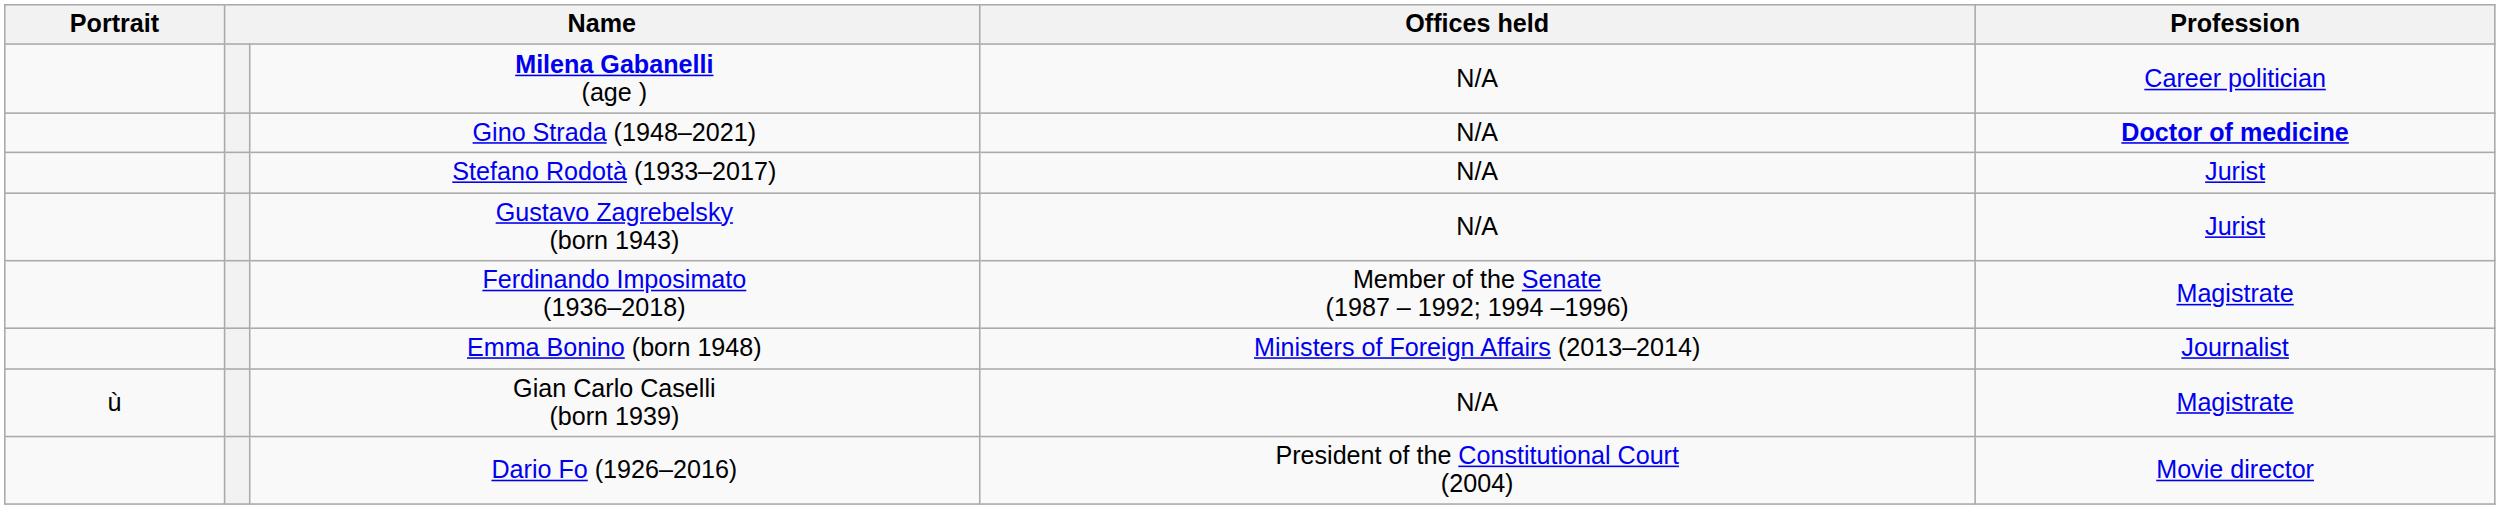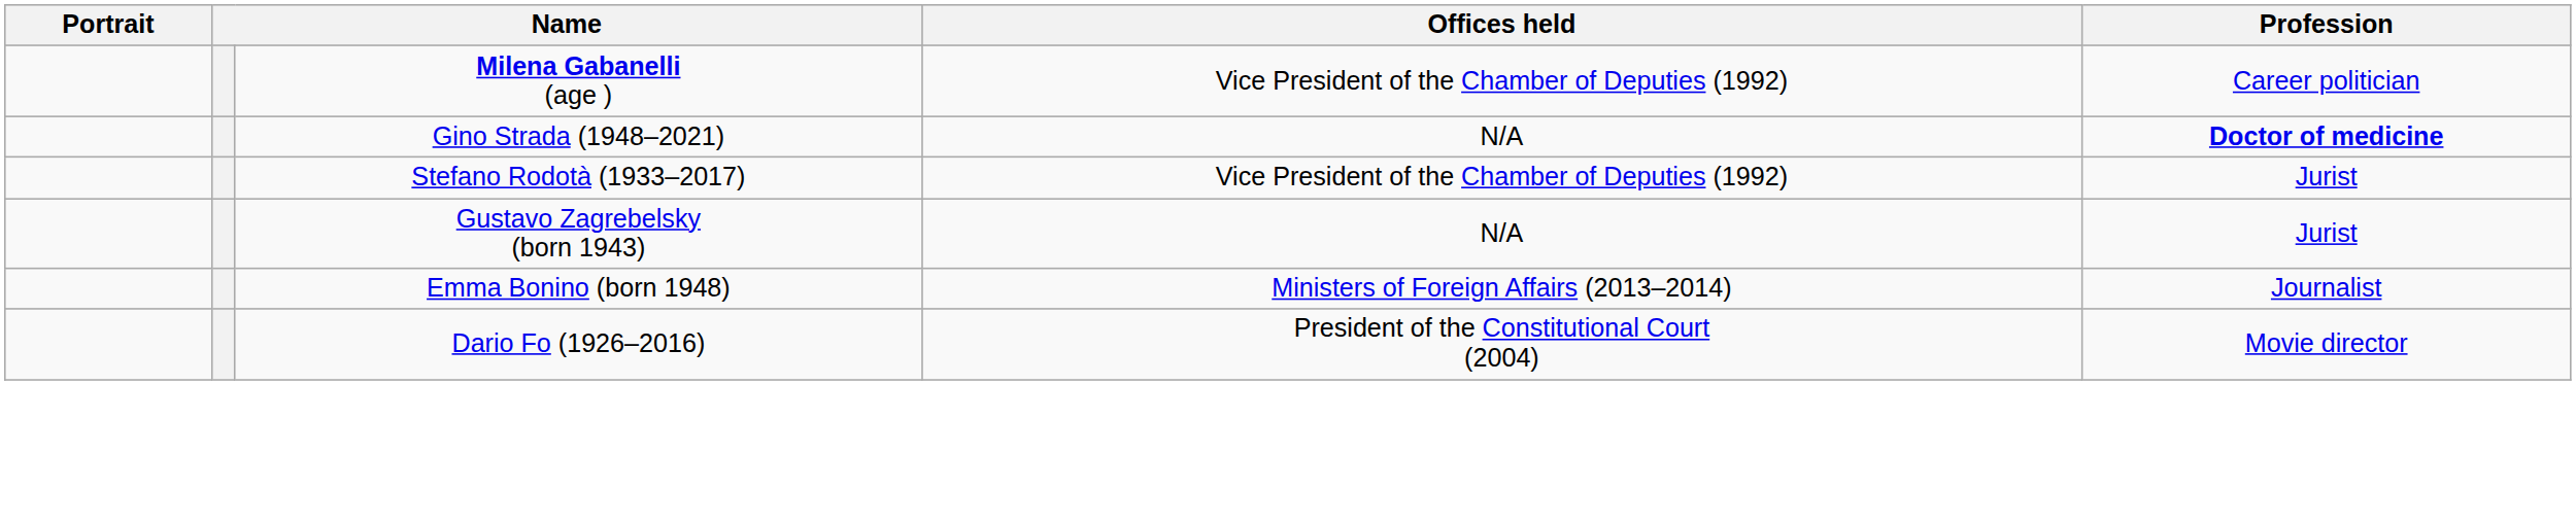 <table class="wikitable" style="text-align:center; width:80%; border:1px #AAAAFF solid">
 <tr>
 <th>Portrait</th>
 <th colspan=2>Name</th>
 <th>Offices held</th>
 <th>Profession</th>
 </tr>
 <tr>
 <td></td>
 <th style="background-color:"></th>
 <td><strong><a href='#'>Milena Gabanelli</a></strong><br>(age )</td>
-<td>N/A</td>
+<td>Vice President of the <a href='#'>Chamber of Deputies</a> (1992) </td>
 <td><a href='#'>Career politician</a></td>
 </tr>
 <tr>
 <td></td>
 <th style="background-color:"></th>
 <td><a href='#'>Gino Strada</a> (1948–2021)</td>
 <td>N/A</td>
 <td><strong><a href='#'>Doctor of medicine</a></strong></td>
 </tr>
 <tr>
 <td></td>
 <th style="background-color:"></th>
 <td><a href='#'>Stefano Rodotà</a> (1933–2017)</td>
-<td>N/A</td>
+<td>Vice President of the <a href='#'>Chamber of Deputies</a> (1992) </td>
 <td><a href='#'>Jurist</a></td>
 </tr>
 <tr>
 <td></td>
 <th style="background-color:"></th>
 <td><a href='#'>Gustavo Zagrebelsky</a><br> (born 1943)</td>
 <td>N/A</td>
 <td><a href='#'>Jurist</a></td>
 </tr>
 <tr>
 <td></td>
 <th style="background-color:"></th>
-<td><a href='#'>Ferdinando Imposimato</a><br>(1936–2018)</td>
-<td>Member of the <a href='#'>Senate</a><br>(1987 – 1992; 1994 –1996)<br></td>
-<td><a href='#'>Magistrate</a></td>
-</tr>
-<tr>
-<td></td>
-<th style="background-color:"></th>
 <td><a href='#'>Emma Bonino</a> (born 1948)</td>
 <td><a href='#'>Ministers of Foreign Affairs</a> (2013–2014)<br></td>
 <td><a href='#'>Journalist</a></td>
-</tr>
-<tr>
-<td>ù</td>
-<th style="background-color:"></th>
-<td>Gian Carlo Caselli<br> (born 1939)</td>
-<td>N/A</td>
-<td><a href='#'>Magistrate</a></td>
 </tr>
 <tr>
 <td></td>
 <th style="background-color:"></th>
 <td><a href='#'>Dario Fo</a> (1926–2016)</td>
 <td>President of the <a href='#'>Constitutional Court</a><br>(2004)<br></td>
 <td><a href='#'>Movie director</a></td>
 </tr>
 </table>
